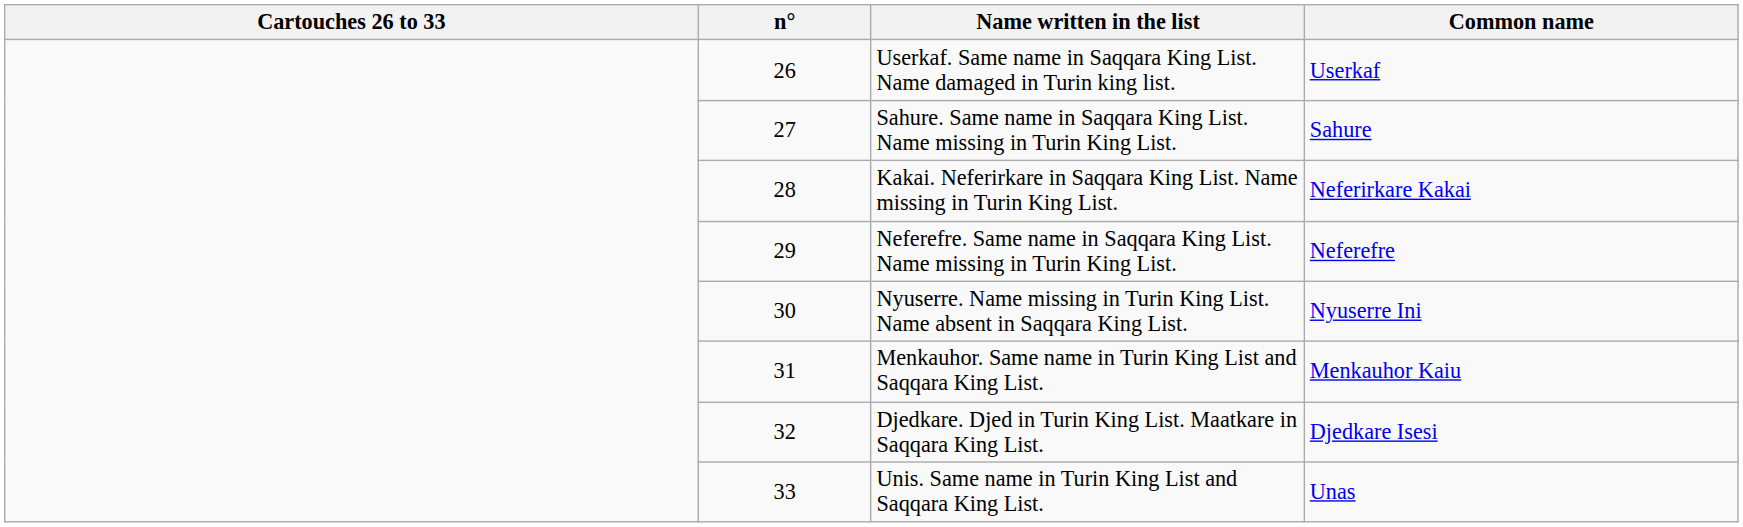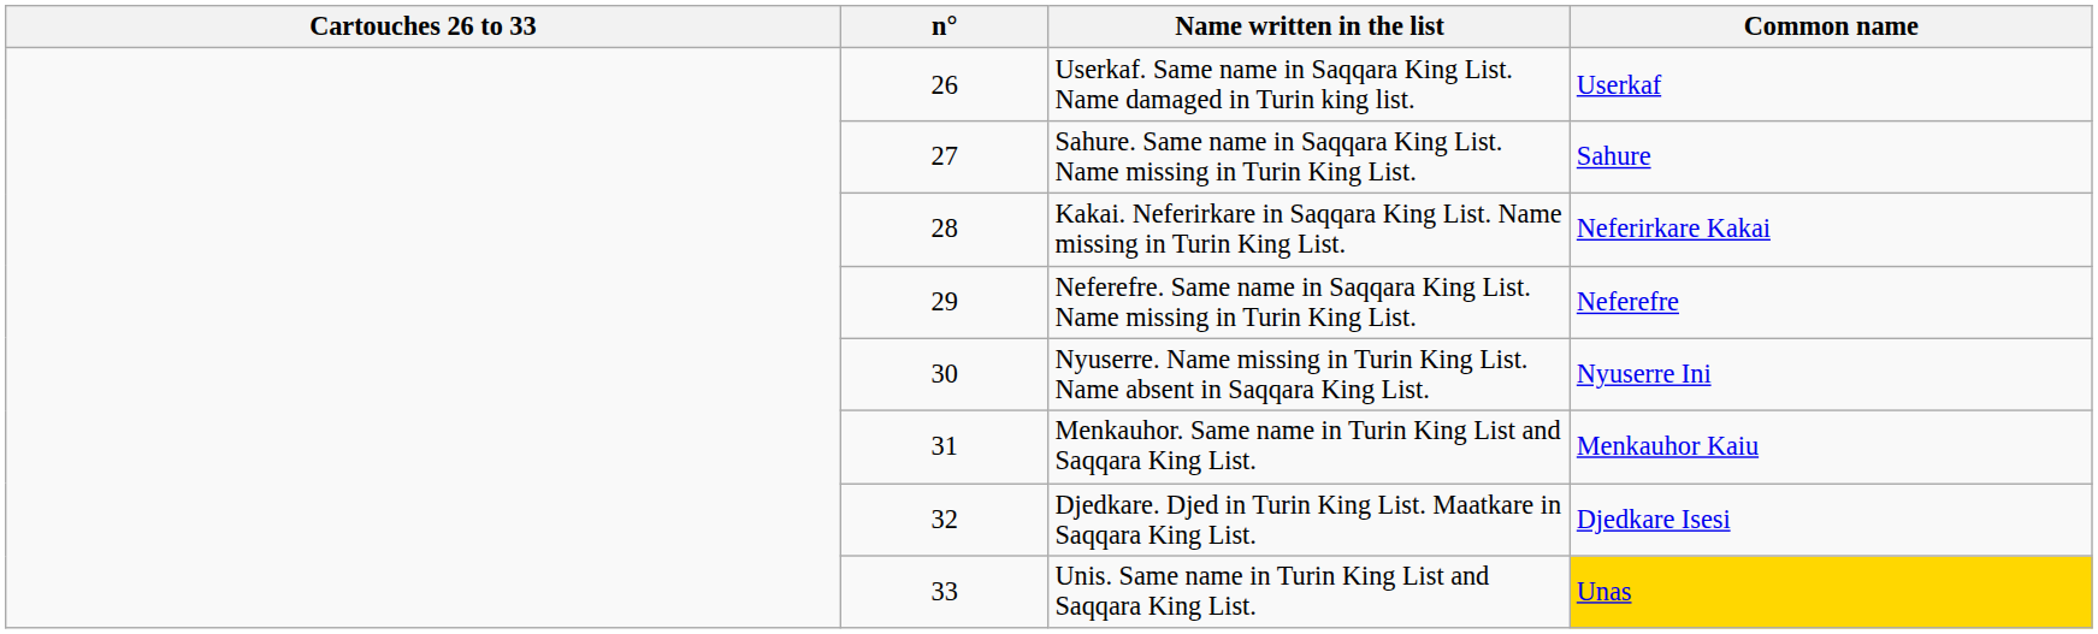 <table class="wikitable">
 <tr>
 <th width = "40%">Cartouches 26 to 33</th>
 <th width = "10%">n°</th>
 <th width = "25%">Name written in the list</th>
 <th width = "25%">Common name</th>
 </tr>
 <tr>
 <td rowspan = "8"></td>
 <td align = "center">26</td>
 <td>Userkaf. Same name in Saqqara King List. Name damaged in Turin king list.</td>
 <td><a href='#'>Userkaf</a></td>
 </tr>
 <tr>
 <td align = "center">27</td>
 <td>Sahure. Same name in Saqqara King List. Name missing in Turin King List.</td>
 <td><a href='#'>Sahure</a></td>
 </tr>
 <tr>
 <td align = "center">28</td>
 <td>Kakai. Neferirkare in Saqqara King List. Name missing in Turin King List.</td>
 <td><a href='#'>Neferirkare Kakai</a></td>
 </tr>
 <tr>
 <td align = "center">29</td>
 <td>Neferefre. Same name in Saqqara King List. Name missing in Turin King List.</td>
 <td><a href='#'>Neferefre</a></td>
 </tr>
 <tr>
 <td align = "center">30</td>
 <td>Nyuserre. Name missing in Turin King List. Name absent in Saqqara King List.</td>
 <td><a href='#'>Nyuserre Ini</a></td>
 </tr>
 <tr>
 <td align = "center">31</td>
 <td>Menkauhor. Same name in Turin King List and Saqqara King List.</td>
 <td><a href='#'>Menkauhor Kaiu</a></td>
 </tr>
 <tr>
 <td align = "center">32</td>
 <td>Djedkare. Djed in Turin King List. Maatkare in Saqqara King List.</td>
 <td><a href='#'>Djedkare Isesi</a></td>
 </tr>
 <tr>
 <td align = "center">33</td>
 <td>Unis. Same name in Turin King List and Saqqara King List.</td>
-<td><a href='#'>Unas</a></td>
+<td style="background: gold;"><a href='#'>Unas</a></td>
 </tr>
 </table>
